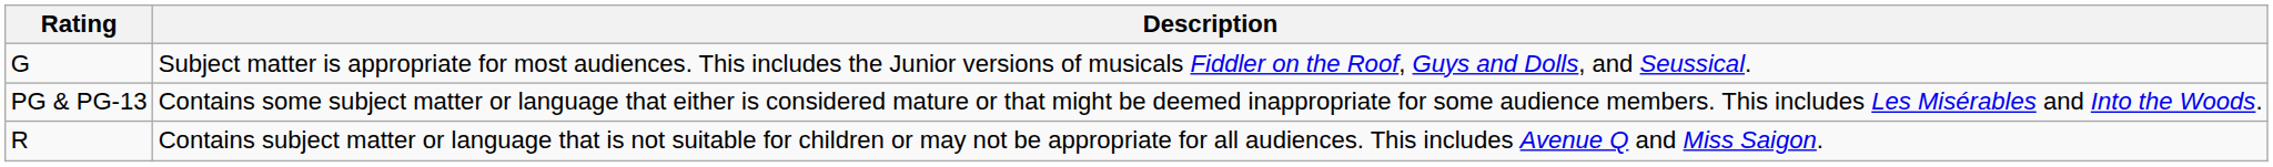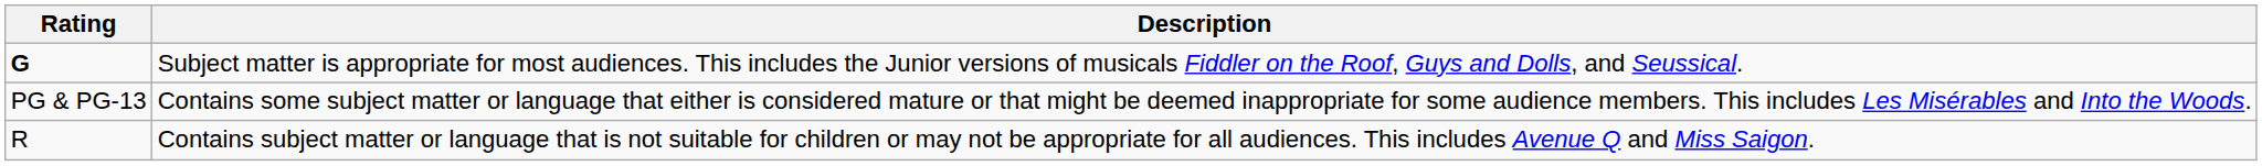 <table class="wikitable">
 <tr>
 <th>Rating</th>
 <th>Description</th>
 </tr>
 <tr>
-<td>G</td>
+<td><strong>G</strong></td>
 <td>Subject matter is appropriate for most audiences. This includes the Junior versions of musicals <em><a href='#'>Fiddler on the Roof</a></em>, <em><a href='#'>Guys and Dolls</a></em>, and <em><a href='#'>Seussical</a></em>.</td>
 </tr>
 <tr>
 <td>PG & PG-13</td>
 <td>Contains some subject matter or language that either is considered mature or that might be deemed inappropriate for some audience members. This includes <em><a href='#'>Les Misérables</a></em> and <em><a href='#'>Into the Woods</a></em>.</td>
 </tr>
 <tr>
 <td>R</td>
 <td>Contains subject matter or language that is not suitable for children or may not be appropriate for all audiences. This includes <em><a href='#'>Avenue Q</a></em> and <em><a href='#'>Miss Saigon</a></em>.</td>
 </tr>
 </table>
